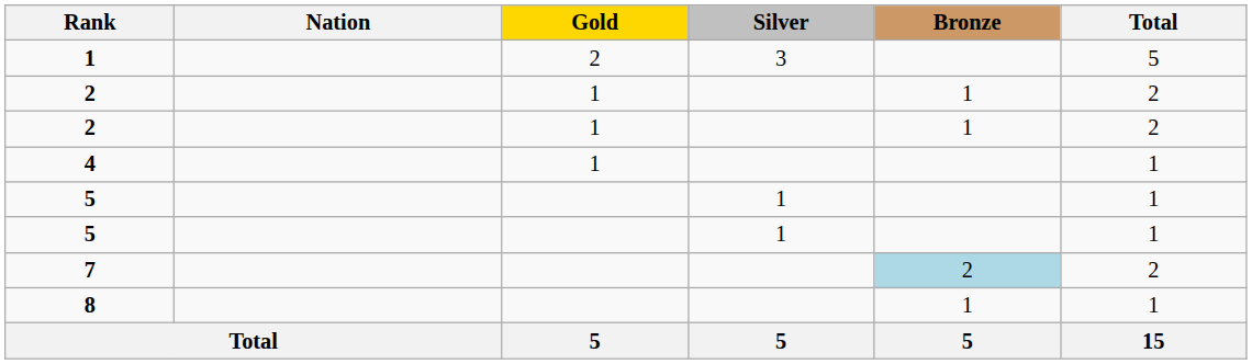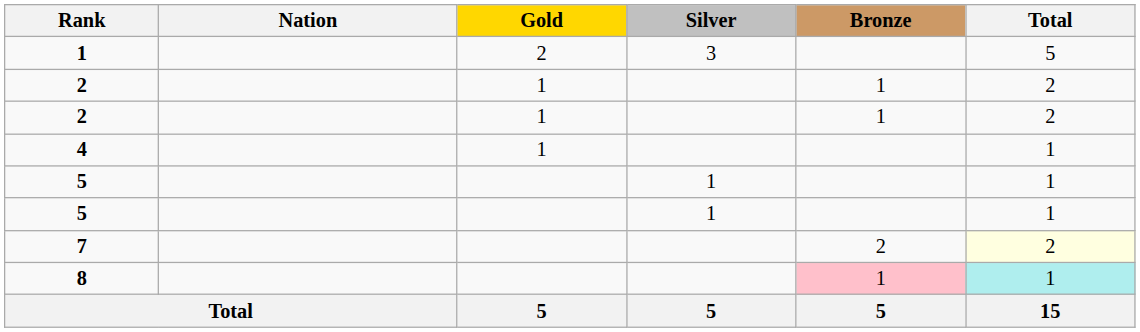 <table class="wikitable collapsible autocollapse plainrowheaders" width=70.5% style="text-align:center;">
 <tr style="background-color:#EDEDED;">
 <th width=100px class="hintergrundfarbe5">Rank</th>
 <th width=200px class="hintergrundfarbe6">Nation</th>
 <th style="background:    gold; width:15%">Gold</th>
 <th style="background:  silver; width:15%">Silver</th>
 <th style="background: #CC9966; width:15%">Bronze</th>
 <th class="hintergrundfarbe6" style="width:15%">Total</th>
 </tr>
 <tr>
 <td><strong>1</strong></td>
 <td align=left></td>
 <td>2</td>
 <td>3</td>
 <td></td>
 <td>5</td>
 </tr>
 <tr>
 <td><strong>2</strong></td>
 <td align=left></td>
 <td>1</td>
 <td></td>
 <td>1</td>
 <td>2</td>
 </tr>
 <tr>
 <td><strong>2</strong></td>
 <td align=left></td>
 <td>1</td>
 <td></td>
 <td>1</td>
 <td>2</td>
 </tr>
 <tr>
 <td><strong>4</strong></td>
 <td align=left></td>
 <td>1</td>
 <td></td>
 <td></td>
 <td>1</td>
 </tr>
 <tr>
 <td><strong>5</strong></td>
 <td align=left></td>
 <td></td>
 <td>1</td>
 <td></td>
 <td>1</td>
 </tr>
 <tr>
 <td><strong>5</strong></td>
 <td align=left></td>
 <td></td>
 <td>1</td>
 <td></td>
 <td>1</td>
 </tr>
 <tr>
 <td><strong>7</strong></td>
 <td align=left></td>
 <td></td>
 <td></td>
-<td style="background: lightblue;">2</td>
 <td>2</td>
+<td style="background: lightyellow;">2</td>
 </tr>
 <tr>
 <td><strong>8</strong></td>
 <td align=left></td>
 <td></td>
 <td></td>
-<td>1</td>
-<td>1</td>
+<td style="background: pink;">1</td>
+<td style="background: paleturquoise;">1</td>
 </tr>
 <tr>
 <th colspan=2>Total</th>
 <th>5</th>
 <th>5</th>
 <th>5</th>
 <th>15</th>
 </tr>
 </table>
